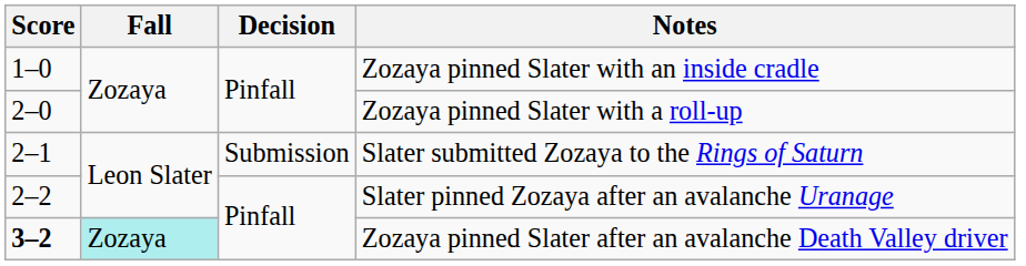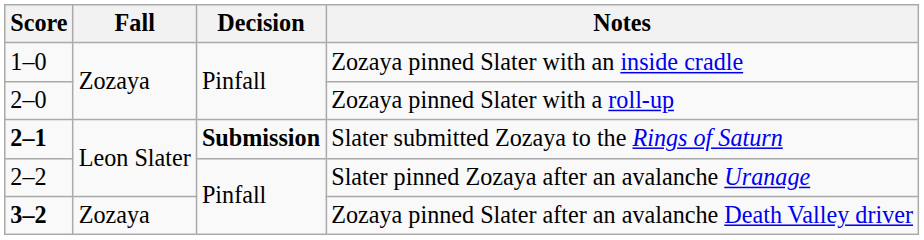 <table style="font-size: 100%" class="wikitable">
 <tr>
 <th><strong>Score</strong></th>
 <th><strong>Fall</strong></th>
 <th><strong>Decision</strong></th>
 <th><strong>Notes</strong></th>
 </tr>
 <tr>
 <td>1–0</td>
 <td rowspan=2>Zozaya</td>
 <td rowspan=2>Pinfall</td>
 <td>Zozaya pinned Slater with an <a href='#'>inside cradle</a></td>
 </tr>
 <tr>
 <td>2–0</td>
 <td>Zozaya pinned Slater with a <a href='#'>roll-up</a></td>
 </tr>
 <tr>
-<td>2–1</td>
+<td><strong>2–1</strong></td>
 <td rowspan=2>Leon Slater</td>
-<td>Submission</td>
+<td><strong>Submission</strong></td>
 <td>Slater submitted Zozaya to the <a href='#'><em>Rings of Saturn</em></a></td>
 </tr>
 <tr>
 <td>2–2</td>
 <td rowspan=2>Pinfall</td>
 <td>Slater pinned Zozaya after an avalanche <em><a href='#'>Uranage</a></em></td>
 </tr>
 <tr>
 <td><strong>3–2</strong></td>
-<td style="background: paleturquoise;">Zozaya</td>
+<td>Zozaya</td>
 <td>Zozaya pinned Slater after an avalanche <a href='#'>Death Valley driver</a></td>
 </tr>
 </table>
